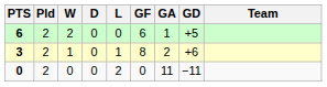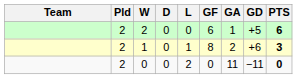 <table class="wikitable" style="text-align:center">
 <tr>
-<th width="25">PTS</th>
+<th width="150">Team</th>
 <th width="25">Pld</th>
 <th width="25">W</th>
 <th width="25">D</th>
 <th width="25">L</th>
 <th width="25">GF</th>
 <th width="25">GA</th>
 <th width="25">GD</th>
-<th width="150">Team</th>
+<th width="25">PTS</th>
 </tr>
 <tr style="background:#ccffcc">
-<td><strong>6</strong></td>
+<td style="text-align:left"></td>
 <td>2</td>
 <td>2</td>
 <td>0</td>
 <td>0</td>
 <td>6</td>
 <td>1</td>
 <td>+5</td>
-<td style="text-align:left"></td>
+<td><strong>6</strong></td>
 </tr>
 <tr style="background:#ffffcc">
-<td><strong>3</strong></td>
+<td style="text-align:left"></td>
 <td>2</td>
 <td>1</td>
 <td>0</td>
 <td>1</td>
 <td>8</td>
 <td>2</td>
 <td>+6</td>
-<td style="text-align:left"></td>
+<td><strong>3</strong></td>
 </tr>
 <tr>
-<td><strong>0</strong></td>
+<td style="text-align:left"></td>
 <td>2</td>
 <td>0</td>
 <td>0</td>
 <td>2</td>
 <td>0</td>
 <td>11</td>
 <td>−11</td>
-<td style="text-align:left"></td>
+<td><strong>0</strong></td>
 </tr>
 </table>
